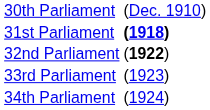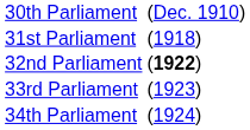 <table id=toc style="float:right">
 <tr>
 <td><a href='#'>30th Parliament</a></td>
 <td>(<a href='#'>Dec. 1910</a>)</td>
 </tr>
 <tr>
 <td><a href='#'>31st Parliament</a></td>
-<td><strong>(<a href='#'>1918</a>)</strong></td>
+<td>(<a href='#'>1918</a>)</td>
 </tr>
 <tr>
 <td><a href='#'>32nd Parliament</a></td>
 <td>(<strong>1922</strong>)</td>
 </tr>
 <tr>
 <td><a href='#'>33rd Parliament</a></td>
 <td>(<a href='#'>1923</a>)</td>
 </tr>
 <tr>
 <td><a href='#'>34th Parliament</a></td>
 <td>(<a href='#'>1924</a>)</td>
 </tr>
 </table>
